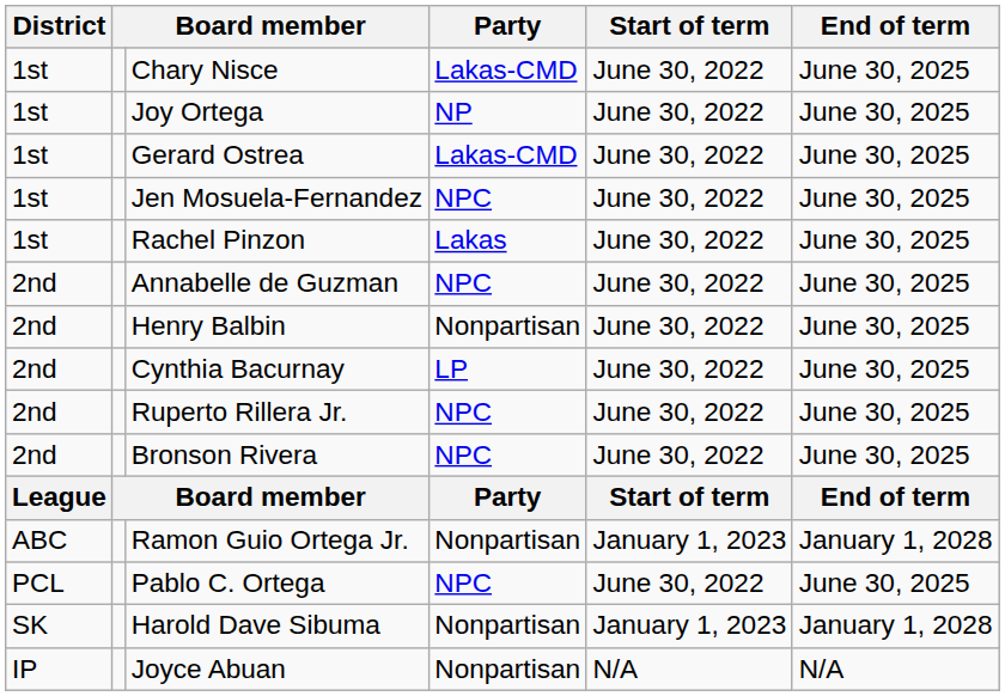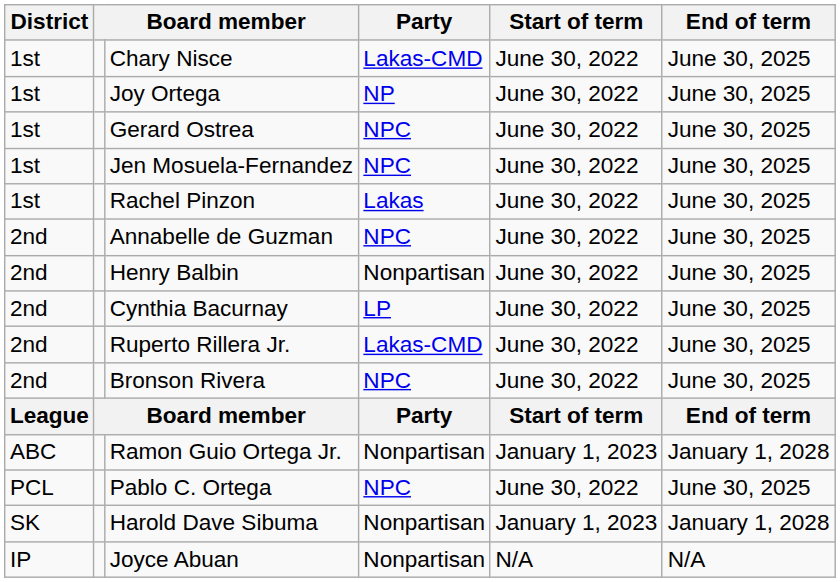 <table class="wikitable">
 <tr>
 <th>District</th>
 <th colspan="2">Board member</th>
 <th>Party</th>
 <th>Start of term</th>
 <th>End of term</th>
 </tr>
 <tr>
 <td>1st</td>
 <td></td>
 <td>Chary Nisce</td>
 <td><a href='#'>Lakas-CMD</a></td>
 <td>June 30, 2022</td>
 <td>June 30, 2025</td>
 </tr>
 <tr>
 <td>1st</td>
 <td></td>
 <td>Joy Ortega</td>
 <td><a href='#'>NP</a></td>
 <td>June 30, 2022</td>
 <td>June 30, 2025</td>
 </tr>
 <tr>
 <td>1st</td>
 <td></td>
 <td>Gerard Ostrea</td>
-<td><a href='#'>Lakas-CMD</a></td>
+<td><a href='#'>NPC</a></td>
 <td>June 30, 2022</td>
 <td>June 30, 2025</td>
 </tr>
 <tr>
 <td>1st</td>
 <td></td>
 <td>Jen Mosuela-Fernandez</td>
 <td><a href='#'>NPC</a></td>
 <td>June 30, 2022</td>
 <td>June 30, 2025</td>
 </tr>
 <tr>
 <td>1st</td>
 <td></td>
 <td>Rachel Pinzon</td>
 <td><a href='#'>Lakas</a></td>
 <td>June 30, 2022</td>
 <td>June 30, 2025</td>
 </tr>
 <tr>
 <td>2nd</td>
 <td></td>
 <td>Annabelle de Guzman</td>
 <td><a href='#'>NPC</a></td>
 <td>June 30, 2022</td>
 <td>June 30, 2025</td>
 </tr>
 <tr>
 <td>2nd</td>
 <td></td>
 <td>Henry Balbin</td>
 <td>Nonpartisan</td>
 <td>June 30, 2022</td>
 <td>June 30, 2025</td>
 </tr>
 <tr>
 <td>2nd</td>
 <td></td>
 <td>Cynthia Bacurnay</td>
 <td><a href='#'>LP</a></td>
 <td>June 30, 2022</td>
 <td>June 30, 2025</td>
 </tr>
 <tr>
 <td>2nd</td>
 <td></td>
 <td>Ruperto Rillera Jr.</td>
-<td><a href='#'>NPC</a></td>
+<td><a href='#'>Lakas-CMD</a></td>
 <td>June 30, 2022</td>
 <td>June 30, 2025</td>
 </tr>
 <tr>
 <td>2nd</td>
 <td></td>
 <td>Bronson Rivera</td>
 <td><a href='#'>NPC</a></td>
 <td>June 30, 2022</td>
 <td>June 30, 2025</td>
 </tr>
 <tr>
 <th>League</th>
 <th colspan="2">Board member</th>
 <th>Party</th>
 <th>Start of term</th>
 <th>End of term</th>
 </tr>
 <tr>
 <td>ABC</td>
 <td></td>
 <td>Ramon Guio Ortega Jr.</td>
 <td>Nonpartisan</td>
 <td>January 1, 2023</td>
 <td>January 1, 2028</td>
 </tr>
 <tr>
 <td>PCL</td>
 <td></td>
 <td>Pablo C. Ortega</td>
 <td><a href='#'>NPC</a></td>
 <td>June 30, 2022</td>
 <td>June 30, 2025</td>
 </tr>
 <tr>
 <td>SK</td>
 <td></td>
 <td>Harold Dave Sibuma</td>
 <td>Nonpartisan</td>
 <td>January 1, 2023</td>
 <td>January 1, 2028</td>
 </tr>
 <tr>
 <td>IP</td>
 <td></td>
 <td>Joyce Abuan</td>
 <td>Nonpartisan</td>
 <td>N/A</td>
 <td>N/A</td>
 </tr>
 </table>
